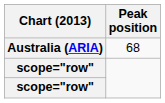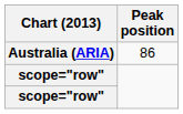 <table class="wikitable sortable plainrowheaders">
 <tr>
 <th scope="col">Chart (2013)</th>
 <th scope="col">Peak<br>position</th>
 </tr>
 <tr>
 <th scope="row">Australia (<a href='#'>ARIA</a>)</th>
-<td style="text-align:center;">68</td>
+<td style="text-align:center;">86</td>
 </tr>
 <tr>
 <th>scope="row"</th>
 </tr>
 <tr>
 <th>scope="row"</th>
 </tr>
 </table>
